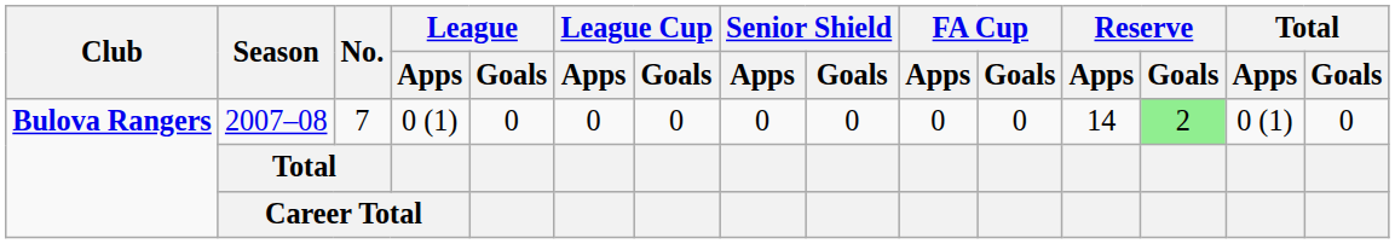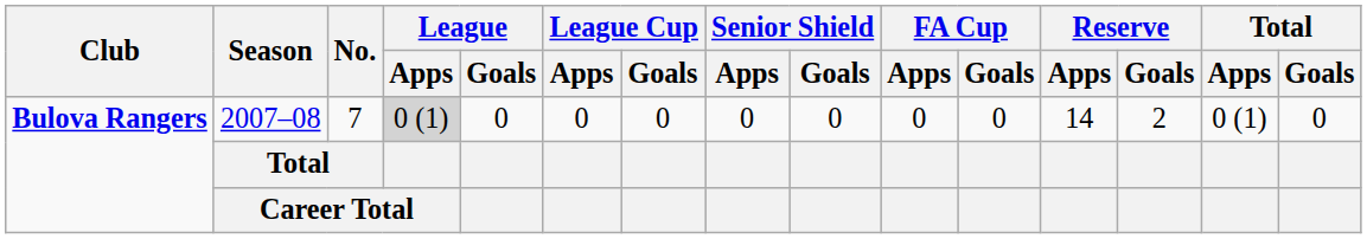 <table class="wikitable" style="text-align: center;">
 <tr>
 <th rowspan="2">Club</th>
 <th rowspan="2">Season</th>
 <th rowspan="2">No.</th>
 <th colspan="2"><a href='#'>League</a></th>
 <th colspan="2"><a href='#'>League Cup</a></th>
 <th colspan="2"><a href='#'>Senior Shield</a></th>
 <th colspan="2"><a href='#'>FA Cup</a></th>
 <th colspan="2"><a href='#'>Reserve</a></th>
 <th colspan="2">Total</th>
 </tr>
 <tr>
 <th>Apps</th>
 <th>Goals</th>
 <th>Apps</th>
 <th>Goals</th>
 <th>Apps</th>
 <th>Goals</th>
 <th>Apps</th>
 <th>Goals</th>
 <th>Apps</th>
 <th>Goals</th>
 <th>Apps</th>
 <th>Goals</th>
 </tr>
 <tr>
 <td rowspan="3" valign="top"><strong><a href='#'>Bulova Rangers</a></strong></td>
 <td><a href='#'>2007–08</a></td>
 <td>7</td>
-<td>0 (1)</td>
+<td style="background: lightgrey;">0 (1)</td>
 <td>0</td>
 <td>0</td>
 <td>0</td>
 <td>0</td>
 <td>0</td>
 <td>0</td>
 <td>0</td>
 <td>14</td>
-<td style="background: lightgreen;">2</td>
+<td>2</td>
 <td>0 (1)</td>
 <td>0</td>
 </tr>
 <tr>
 <th colspan="2">Total</th>
 <th></th>
 <th></th>
 <th></th>
 <th></th>
 <th></th>
 <th></th>
 <th></th>
 <th></th>
 <th></th>
 <th></th>
 <th></th>
 <th></th>
 </tr>
 <tr>
 <th colspan="3">Career Total</th>
 <th></th>
 <th></th>
 <th></th>
 <th></th>
 <th></th>
 <th></th>
 <th></th>
 <th></th>
 <th></th>
 <th></th>
 <th></th>
 </tr>
 </table>
